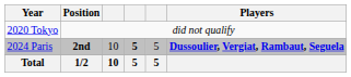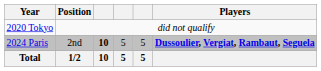 <table class="wikitable" style="text-align: center;">
 <tr>
 <th>Year</th>
 <th>Position</th>
 <th width=25px></th>
 <th width=25px></th>
 <th width=25px></th>
 <th>Players</th>
 </tr>
 <tr>
 <td style="text-align: left;"> <a href='#'>2020 Tokyo</a></td>
 <td colspan=5><em>did not qualify</em></td>
 </tr>
 <tr bgcolor=silver>
 <td style="text-align: left;"> <a href='#'>2024 Paris</a></td>
-<td><strong>2nd</strong></td>
-<td>10</td>
-<td><strong>5</strong></td>
+<td>2nd</td>
+<td><strong>10</strong></td>
+<td>5</td>
 <td>5</td>
 <td><strong><a href='#'>Dussoulier</a>, <a href='#'>Vergiat</a>, <a href='#'>Rambaut</a>, <a href='#'>Seguela</a></strong></td>
 </tr>
 <tr>
 <th>Total</th>
 <th>1/2</th>
 <th>10</th>
 <th>5</th>
 <th>5</th>
 <th></th>
 </tr>
 </table>
